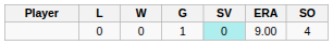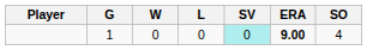 <table class="wikitable sortable">
 <tr>
 <th bgcolor="#DDDDFF" width="16%">Player</th>
+<th bgcolor="#DDDDFF" width="9%">G</th>
+<th bgcolor="#DDDDFF" width="9%">W</th>
 <th bgcolor="#DDDDFF" width="9%">L</th>
-<th bgcolor="#DDDDFF" width="9%">W</th>
-<th bgcolor="#DDDDFF" width="9%">G</th>
 <th bgcolor="#DDDDFF" width="9%">SV</th>
 <th bgcolor="#DDDDFF" width="9%">ERA</th>
 <th bgcolor="#DDDDFF" width="9%">SO</th>
 </tr>
 <tr align="center">
 <td></td>
+<td>1</td>
 <td>0</td>
 <td>0</td>
-<td>1</td>
 <td style="background: paleturquoise;">0</td>
-<td>9.00</td>
+<td><strong>9.00</strong></td>
 <td>4</td>
 </tr>
 </table>
